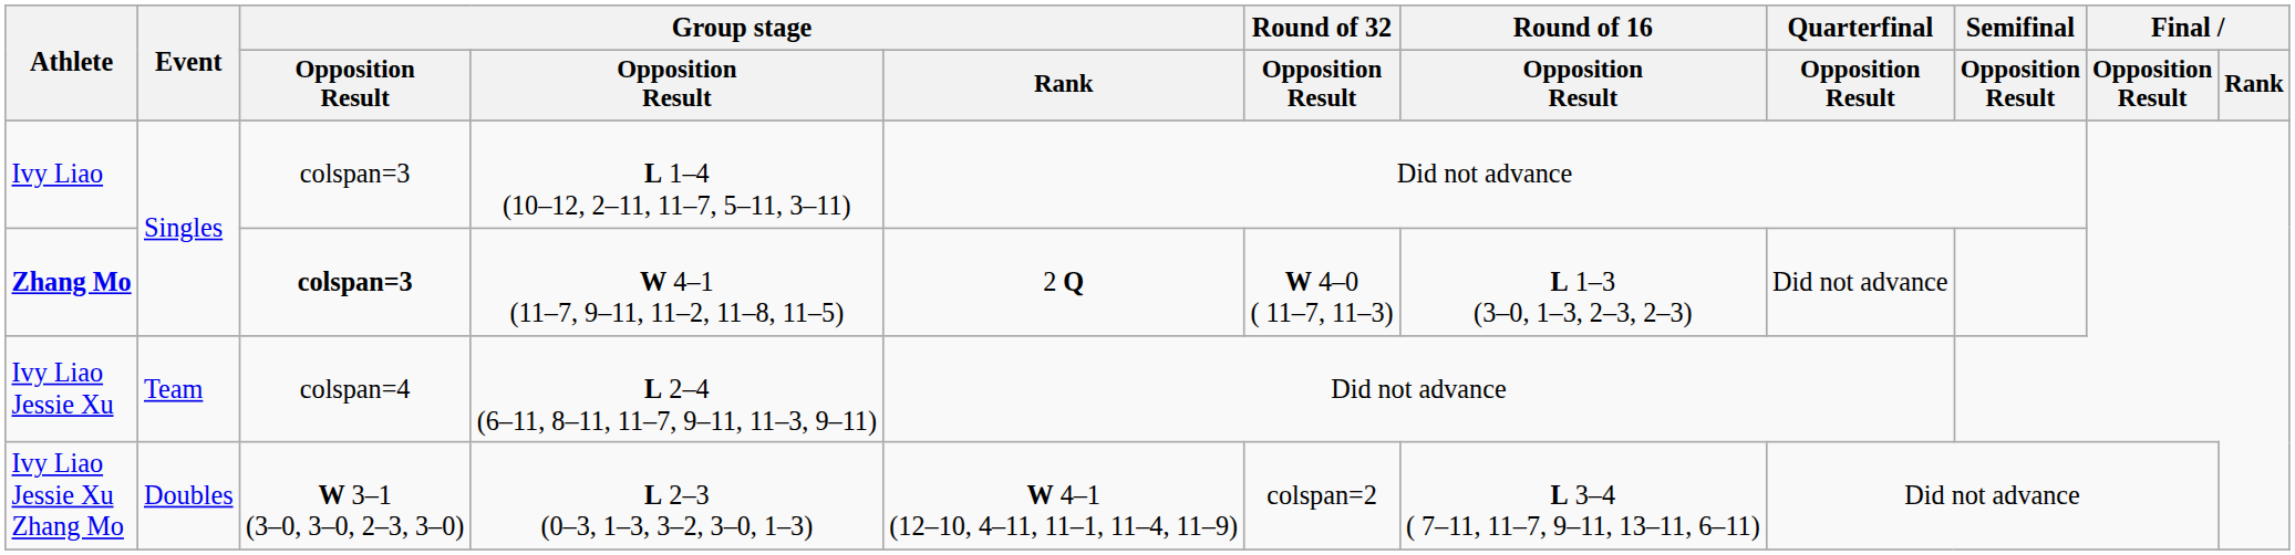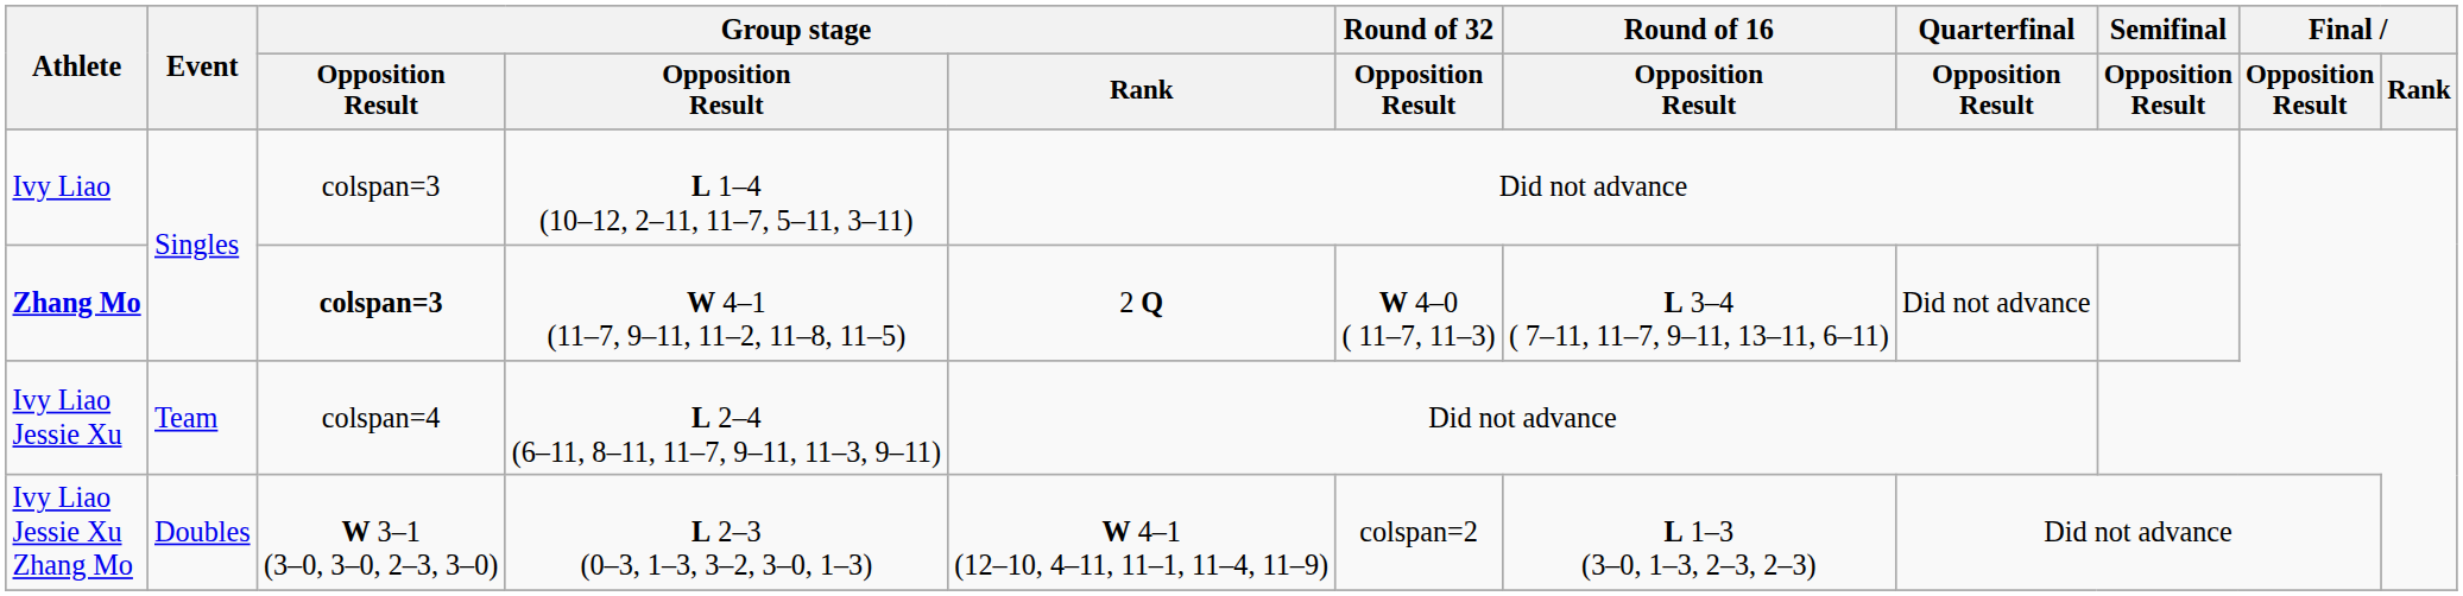 <table class=wikitable style=font-size:90%;text-align:center>
 <tr>
 <th rowspan=2>Athlete</th>
 <th rowspan=2>Event</th>
 <th colspan=3>Group stage</th>
 <th>Round of 32</th>
 <th>Round of 16</th>
 <th>Quarterfinal</th>
 <th>Semifinal</th>
 <th colspan=2>Final / </th>
 </tr>
 <tr style=font-size:95%>
 <th>Opposition<br>Result</th>
 <th>Opposition<br>Result</th>
 <th>Rank</th>
 <th>Opposition<br>Result</th>
 <th>Opposition<br>Result</th>
 <th>Opposition<br>Result</th>
 <th>Opposition<br>Result</th>
 <th>Opposition<br>Result</th>
 <th>Rank</th>
 </tr>
 <tr>
 <td align=left><a href='#'>Ivy Liao</a></td>
 <td align=left rowspan=2><a href='#'>Singles</a></td>
 <td>colspan=3 </td>
 <td><br><strong>L</strong>  1–4<br>(10–12, 2–11, 11–7, 5–11, 3–11)</td>
 <td colspan=5>Did not advance</td>
 </tr>
 <tr>
 <td align=left><strong><a href='#'>Zhang Mo</a></strong></td>
 <td><strong>colspan=3 </strong></td>
 <td><br><strong>W</strong> 4–1<br>(11–7, 9–11, 11–2, 11–8, 11–5)</td>
 <td>2 <strong>Q</strong></td>
 <td><br><strong>W</strong> 4–0<br>( 11–7, 11–3)</td>
-<td><br><strong>L</strong> 1–3<br>(3–0, 1–3, 2–3, 2–3)</td>
+<td><br><strong>L</strong> 3–4<br>( 7–11, 11–7, 9–11, 13–11, 6–11)</td>
 <td>Did not advance</td>
 <td></td>
 </tr>
 <tr>
 <td align=left><a href='#'>Ivy Liao</a><br><a href='#'>Jessie Xu</a></td>
 <td align=left><a href='#'>Team</a></td>
 <td>colspan=4 </td>
 <td><br><strong>L</strong> 2–4<br>(6–11, 8–11, 11–7, 9–11, 11–3, 9–11)</td>
 <td colspan=4>Did not advance</td>
 </tr>
 <tr>
 <td align=left><a href='#'>Ivy Liao</a><br><a href='#'>Jessie Xu</a><br><a href='#'>Zhang Mo</a></td>
 <td align=left><a href='#'>Doubles</a></td>
 <td><br><strong>W</strong> 3–1<br>(3–0, 3–0, 2–3, 3–0)</td>
 <td><br><strong>L</strong> 2–3<br>(0–3, 1–3, 3–2, 3–0, 1–3)</td>
 <td><br><strong>W</strong> 4–1<br>(12–10, 4–11, 11–1, 11–4, 11–9)</td>
 <td>colspan=2 </td>
-<td><br><strong>L</strong> 3–4<br>( 7–11, 11–7, 9–11, 13–11, 6–11)</td>
+<td><br><strong>L</strong> 1–3<br>(3–0, 1–3, 2–3, 2–3)</td>
 <td colspan=3>Did not advance</td>
 </tr>
 </table>
